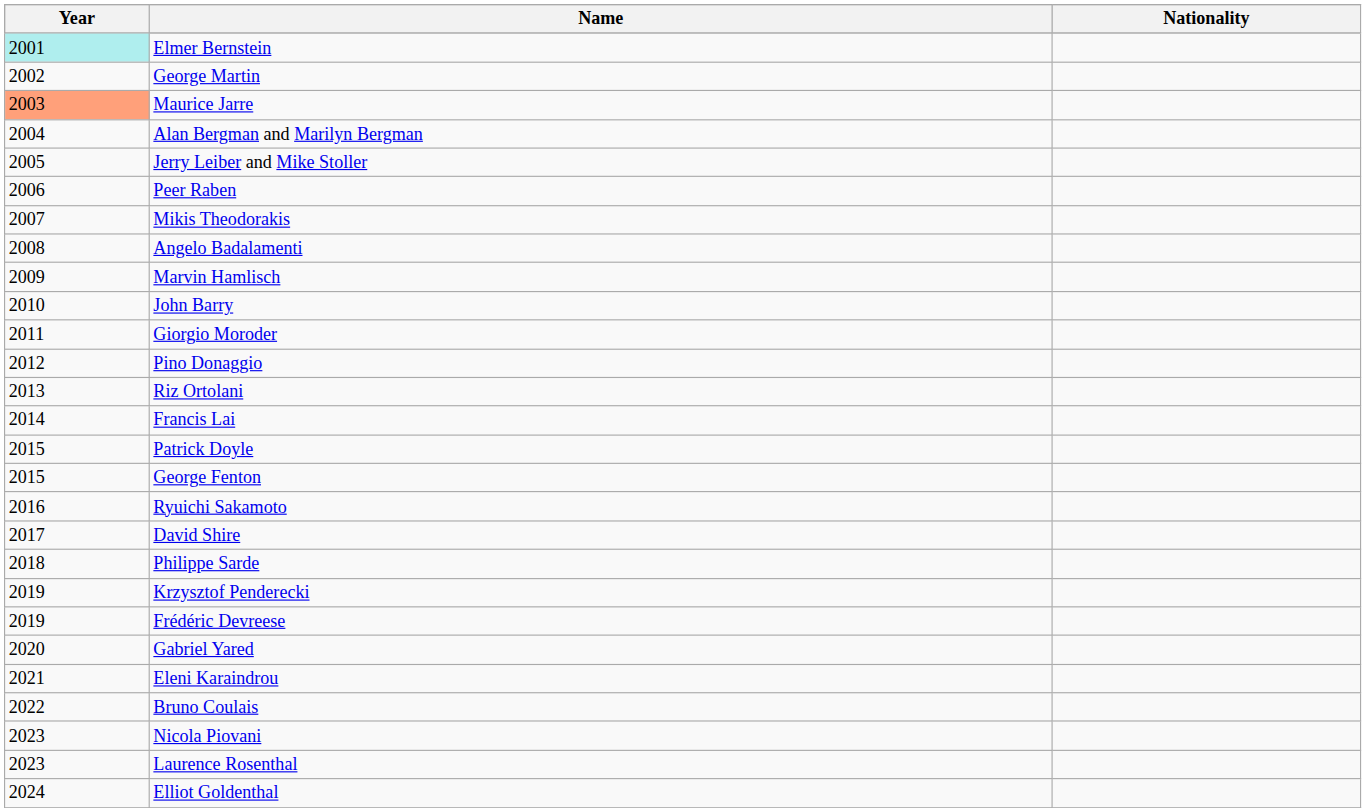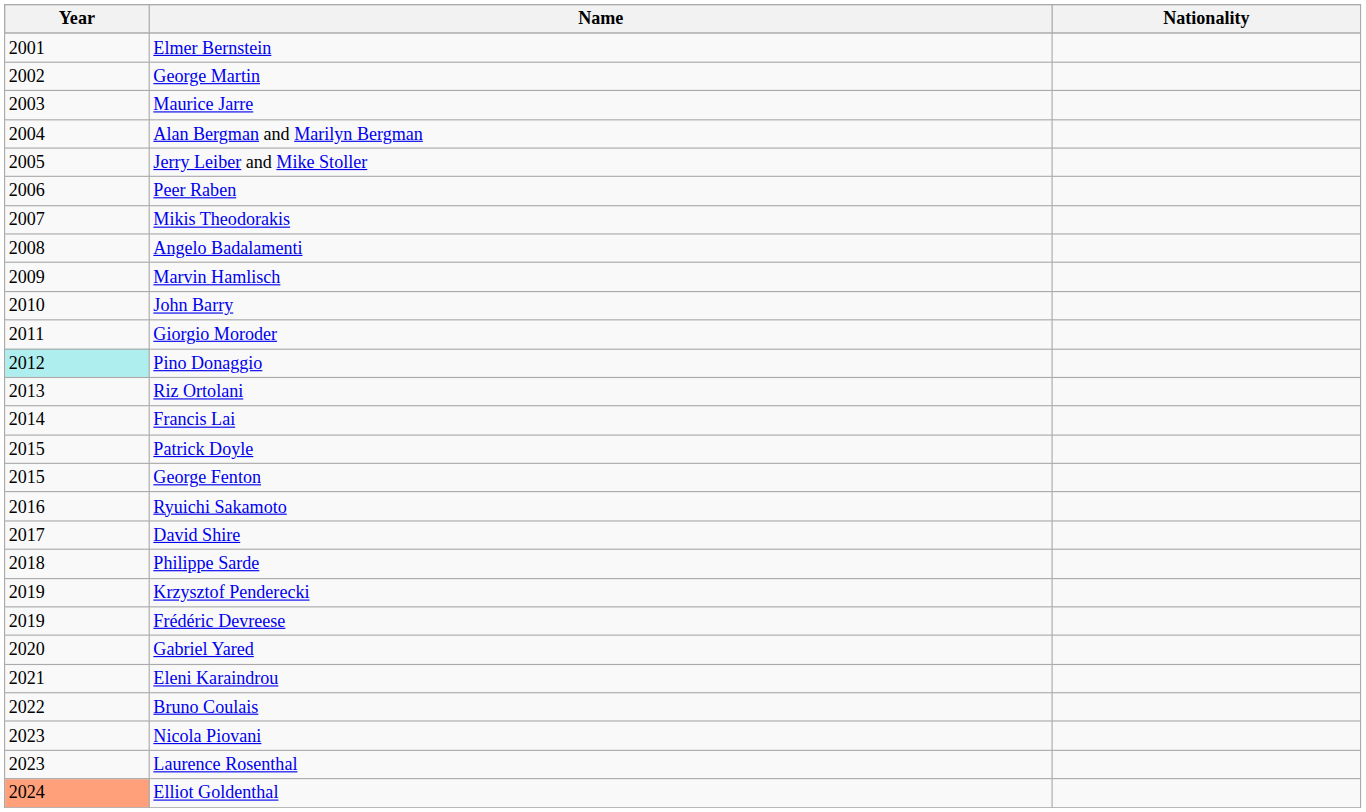 <table class="wikitable sortable" width=95%>
 <tr bgcolor="#505050">
 <th>Year</th>
 <th>Name</th>
 <th>Nationality</th>
 </tr>
 <tr>
-<td style="background: paleturquoise;">2001</td>
+<td>2001</td>
 <td><a href='#'>Elmer Bernstein</a></td>
 <td></td>
 </tr>
 <tr>
 <td>2002</td>
 <td><a href='#'>George Martin</a></td>
 <td></td>
 </tr>
 <tr>
-<td style="background: lightsalmon;">2003</td>
+<td>2003</td>
 <td><a href='#'>Maurice Jarre</a></td>
 <td></td>
 </tr>
 <tr>
 <td>2004</td>
 <td><a href='#'>Alan Bergman</a> and <a href='#'>Marilyn Bergman</a></td>
 <td></td>
 </tr>
 <tr>
 <td>2005</td>
 <td><a href='#'>Jerry Leiber</a> and <a href='#'>Mike Stoller</a></td>
 <td></td>
 </tr>
 <tr>
 <td>2006</td>
 <td><a href='#'>Peer Raben</a></td>
 <td></td>
 </tr>
 <tr>
 <td>2007</td>
 <td><a href='#'>Mikis Theodorakis</a></td>
 <td></td>
 </tr>
 <tr>
 <td>2008</td>
 <td><a href='#'>Angelo Badalamenti</a></td>
 <td></td>
 </tr>
 <tr>
 <td>2009</td>
 <td><a href='#'>Marvin Hamlisch</a></td>
 <td></td>
 </tr>
 <tr>
 <td>2010</td>
 <td><a href='#'>John Barry</a></td>
 <td></td>
 </tr>
 <tr>
 <td>2011</td>
 <td><a href='#'>Giorgio Moroder</a></td>
 <td></td>
 </tr>
 <tr>
-<td>2012</td>
+<td style="background: paleturquoise;">2012</td>
 <td><a href='#'>Pino Donaggio</a></td>
 <td></td>
 </tr>
 <tr>
 <td>2013</td>
 <td><a href='#'>Riz Ortolani</a></td>
 <td></td>
 </tr>
 <tr>
 <td>2014</td>
 <td><a href='#'>Francis Lai</a></td>
 <td></td>
 </tr>
 <tr>
 <td>2015</td>
 <td><a href='#'>Patrick Doyle</a></td>
 <td></td>
 </tr>
 <tr>
 <td>2015</td>
 <td><a href='#'>George Fenton</a></td>
 <td></td>
 </tr>
 <tr>
 <td>2016</td>
 <td><a href='#'>Ryuichi Sakamoto</a></td>
 <td></td>
 </tr>
 <tr>
 <td>2017</td>
 <td><a href='#'>David Shire</a></td>
 <td></td>
 </tr>
 <tr>
 <td>2018</td>
 <td><a href='#'>Philippe Sarde</a></td>
 <td></td>
 </tr>
 <tr>
 <td>2019</td>
 <td><a href='#'>Krzysztof Penderecki</a></td>
 <td></td>
 </tr>
 <tr>
 <td>2019</td>
 <td><a href='#'>Frédéric Devreese</a></td>
 <td></td>
 </tr>
 <tr>
 <td>2020</td>
 <td><a href='#'>Gabriel Yared</a></td>
 <td></td>
 </tr>
 <tr>
 <td>2021</td>
 <td><a href='#'>Eleni Karaindrou</a></td>
 <td></td>
 </tr>
 <tr>
 <td>2022</td>
 <td><a href='#'>Bruno Coulais</a></td>
 <td></td>
 </tr>
 <tr>
 <td>2023</td>
 <td><a href='#'>Nicola Piovani</a></td>
 <td></td>
 </tr>
 <tr>
 <td>2023</td>
 <td><a href='#'>Laurence Rosenthal</a></td>
 <td></td>
 </tr>
 <tr>
-<td>2024</td>
+<td style="background: lightsalmon;">2024</td>
 <td><a href='#'>Elliot Goldenthal</a></td>
 <td></td>
 </tr>
 <tr>
 </tr>
 </table>
